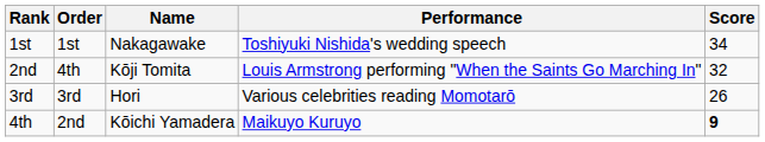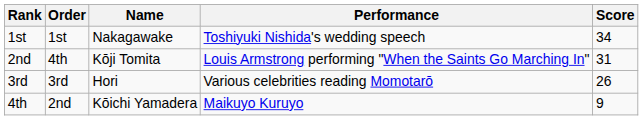 <table class="wikitable">
 <tr>
 <th>Rank</th>
 <th>Order</th>
 <th>Name</th>
 <th>Performance</th>
 <th>Score</th>
 </tr>
 <tr>
 <td>1st</td>
 <td>1st</td>
 <td>Nakagawake</td>
 <td><a href='#'>Toshiyuki Nishida</a>'s wedding speech</td>
 <td>34</td>
 </tr>
 <tr>
 <td>2nd</td>
 <td>4th</td>
 <td>Kōji Tomita</td>
 <td><a href='#'>Louis Armstrong</a> performing "<a href='#'>When the Saints Go Marching In</a>"</td>
-<td>32</td>
+<td>31</td>
 </tr>
 <tr>
 <td>3rd</td>
 <td>3rd</td>
 <td>Hori</td>
 <td>Various celebrities reading <a href='#'>Momotarō</a></td>
 <td>26</td>
 </tr>
 <tr>
 <td>4th</td>
 <td>2nd</td>
 <td>Kōichi Yamadera</td>
 <td><a href='#'>Maikuyo Kuruyo</a></td>
-<td><strong>9</strong></td>
+<td>9</td>
 </tr>
 </table>
